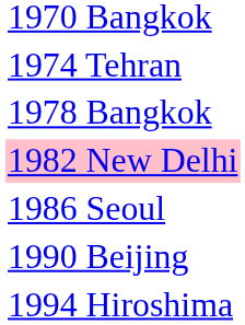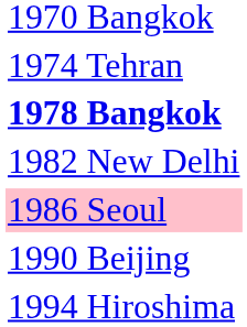 <table>
 <tr>
 <td><a href='#'>1970 Bangkok</a></td>
 <td></td>
 <td></td>
 <td></td>
 </tr>
 <tr>
 <td><a href='#'>1974 Tehran</a></td>
 <td></td>
 <td></td>
 <td></td>
 </tr>
 <tr>
-<td><a href='#'>1978 Bangkok</a></td>
+<td><strong><a href='#'>1978 Bangkok</a></strong></td>
 <td></td>
 <td></td>
 <td></td>
 </tr>
 <tr>
-<td style="background: pink;"><a href='#'>1982 New Delhi</a></td>
+<td><a href='#'>1982 New Delhi</a></td>
 <td></td>
 <td></td>
 <td></td>
 </tr>
 <tr>
-<td><a href='#'>1986 Seoul</a></td>
+<td style="background: pink;"><a href='#'>1986 Seoul</a></td>
 <td></td>
 <td></td>
 <td></td>
 </tr>
 <tr>
 <td><a href='#'>1990 Beijing</a></td>
 <td></td>
 <td></td>
 <td></td>
 </tr>
 <tr>
 <td><a href='#'>1994 Hiroshima</a></td>
 <td></td>
 <td></td>
 <td></td>
 </tr>
 </table>
